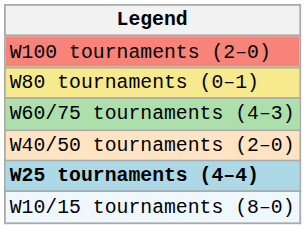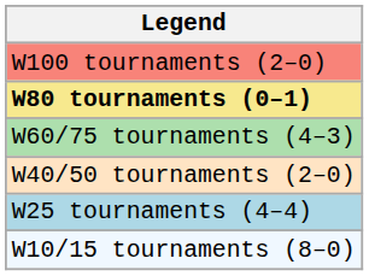 <table class=wikitable style="font-size:85%">
 <tr>
 <th>Legend</th>
 </tr>
 <tr style="background:#f88379;">
 <td>W100 tournaments (2–0)</td>
 </tr>
 <tr style="background:#f7e98e;">
-<td>W80 tournaments (0–1)</td>
+<td><strong>W80 tournaments (0–1)</strong></td>
 </tr>
 <tr style="background:#addfad;">
 <td>W60/75 tournaments (4–3)</td>
 </tr>
 <tr style="background:#ffe4c4;">
 <td>W40/50 tournaments (2–0)</td>
 </tr>
 <tr style="background:lightblue;">
-<td><strong>W25 tournaments (4–4)</strong></td>
+<td>W25 tournaments (4–4)</td>
 </tr>
 <tr style="background:#f0f8ff;">
 <td>W10/15 tournaments (8–0)</td>
 </tr>
 </table>
